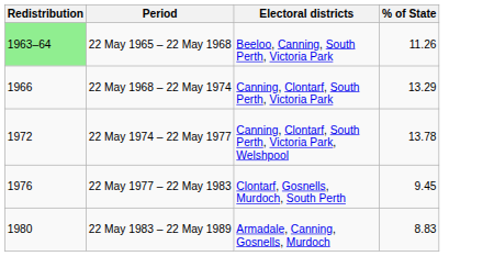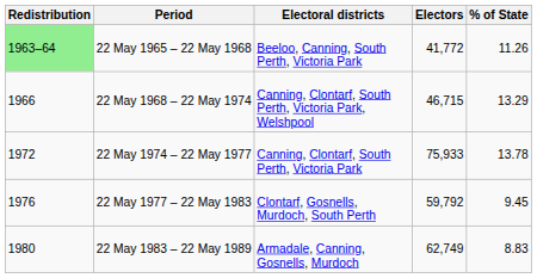 <table class="wikitable">
 <tr>
 <th>Redistribution</th>
 <th>Period</th>
 <th>Electoral districts</th>
+<th>Electors</th>
 <th>% of State</th>
 </tr>
 <tr>
 <td style="background: lightgreen;">1963–64</td>
 <td>22 May 1965 – 22 May 1968</td>
 <td width = 200><br><a href='#'>Beeloo</a>,  <a href='#'>Canning</a>,  <a href='#'>South Perth</a>,  <a href='#'>Victoria Park</a></td>
+<td align=right>41,772</td>
 <td align=right>11.26</td>
 </tr>
 <tr>
 <td>1966</td>
 <td>22 May 1968 – 22 May 1974</td>
-<td width=200><br><a href='#'>Canning</a>,  <a href='#'>Clontarf</a>,  <a href='#'>South Perth</a>,  <a href='#'>Victoria Park</a></td>
+<td width=200><br><a href='#'>Canning</a>,  <a href='#'>Clontarf</a>,  <a href='#'>South Perth</a>,  <a href='#'>Victoria Park</a>, <a href='#'>Welshpool</a></td>
+<td align=right>46,715</td>
 <td align=right>13.29</td>
 </tr>
 <tr>
 <td>1972</td>
 <td>22 May 1974 – 22 May 1977</td>
-<td width=200><br><a href='#'>Canning</a>,  <a href='#'>Clontarf</a>,  <a href='#'>South Perth</a>,  <a href='#'>Victoria Park</a>, <a href='#'>Welshpool</a></td>
+<td width=200><br><a href='#'>Canning</a>,  <a href='#'>Clontarf</a>,  <a href='#'>South Perth</a>,  <a href='#'>Victoria Park</a></td>
+<td align=right>75,933</td>
 <td align=right>13.78</td>
 </tr>
 <tr>
 <td>1976</td>
 <td>22 May 1977 – 22 May 1983</td>
 <td width=200><br><a href='#'>Clontarf</a>,  <a href='#'>Gosnells</a>,  <a href='#'>Murdoch</a>,  <a href='#'>South Perth</a></td>
+<td align=right>59,792</td>
 <td align=right>9.45</td>
 </tr>
 <tr>
 <td>1980</td>
 <td>22 May 1983 – 22 May 1989</td>
 <td width=200><br><a href='#'>Armadale</a>,  <a href='#'>Canning</a>,  <a href='#'>Gosnells</a>,  <a href='#'>Murdoch</a></td>
+<td align=right>62,749</td>
 <td align=right>8.83</td>
 </tr>
 </table>
